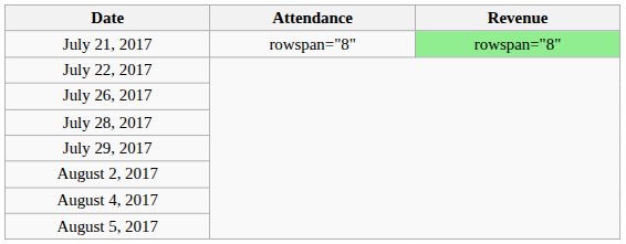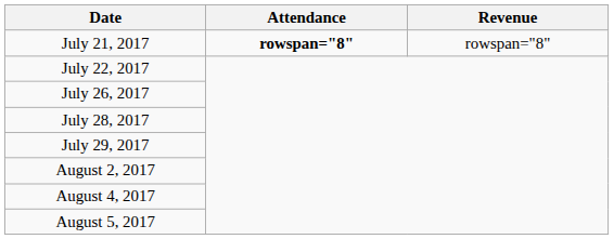 <table class="wikitable plainrowheaders" style="text-align:center;">
 <tr>
 <th scope="col" style="width:12em;">Date</th>
 <th scope="col" style="width:12em;">Attendance</th>
 <th scope="col" style="width:12em;">Revenue</th>
 </tr>
 <tr>
 <td>July 21, 2017</td>
+<td><strong>rowspan="8" </strong></td>
 <td>rowspan="8" </td>
-<td style="background: lightgreen;">rowspan="8" </td>
 </tr>
 <tr>
 <td>July 22, 2017</td>
 </tr>
 <tr>
 <td>July 26, 2017</td>
 </tr>
 <tr>
 <td>July 28, 2017</td>
 </tr>
 <tr>
 <td>July 29, 2017</td>
 </tr>
 <tr>
 <td>August 2, 2017</td>
 </tr>
 <tr>
 <td>August 4, 2017</td>
 </tr>
 <tr>
 <td>August 5, 2017</td>
 </tr>
 </table>
